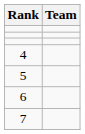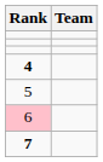 <table class=wikitable style="text-align:center">
 <tr>
 <th>Rank</th>
 <th>Team</th>
 </tr>
 <tr>
 <td></td>
 <td align=left></td>
 </tr>
 <tr>
 <td></td>
 <td align=left></td>
 </tr>
 <tr>
 <td></td>
 <td align=left></td>
 </tr>
 <tr>
-<td>4</td>
+<td><strong>4</strong></td>
 <td align=left></td>
 </tr>
 <tr>
 <td>5</td>
 <td align=left></td>
 </tr>
 <tr>
-<td>6</td>
+<td style="background: pink;">6</td>
 <td align=left></td>
 </tr>
 <tr>
-<td>7</td>
+<td><strong>7</strong></td>
 <td align=left></td>
 </tr>
 </table>
